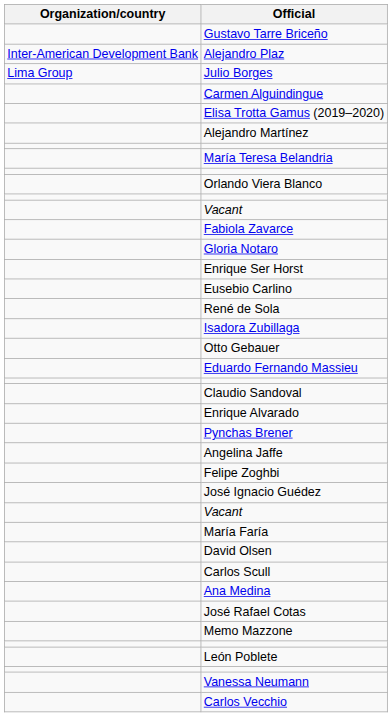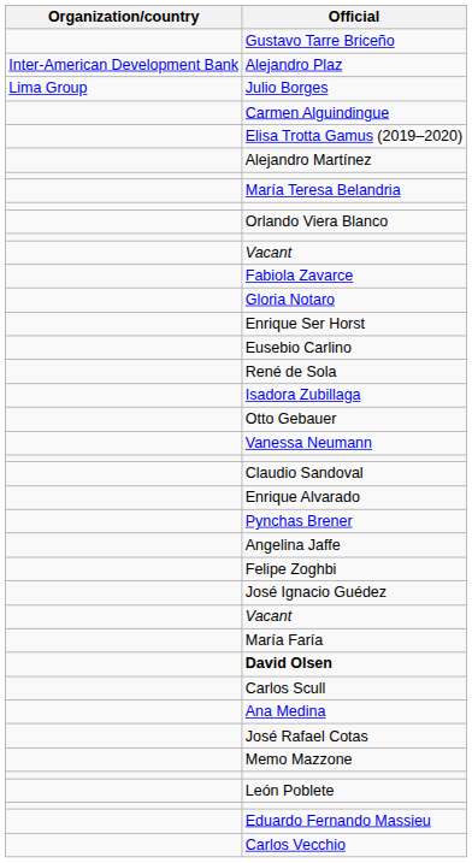 <table class="wikitable">
 <tr>
 <th>Organization/country</th>
 <th>Official</th>
 </tr>
 <tr>
 <td></td>
 <td><a href='#'>Gustavo Tarre Briceño</a></td>
 </tr>
 <tr>
 <td><a href='#'>Inter-American Development Bank</a></td>
 <td><a href='#'>Alejandro Plaz</a></td>
 </tr>
 <tr>
 <td><a href='#'>Lima Group</a></td>
 <td><a href='#'>Julio Borges</a></td>
 </tr>
 <tr>
 <td></td>
 <td><a href='#'>Carmen Alguindingue</a></td>
 </tr>
 <tr>
 <td></td>
 <td><a href='#'>Elisa Trotta Gamus</a> (2019–2020)</td>
 </tr>
 <tr>
 <td></td>
 <td>Alejandro Martínez</td>
 </tr>
 <tr>
 <td></td>
 <td></td>
 </tr>
 <tr>
 <td></td>
 <td><a href='#'>María Teresa Belandria</a></td>
 </tr>
 <tr>
 <td></td>
 <td></td>
 </tr>
 <tr>
 <td></td>
 <td>Orlando Viera Blanco</td>
 </tr>
 <tr>
 <td></td>
 <td></td>
 </tr>
 <tr>
 <td></td>
 <td><em>Vacant</em></td>
 </tr>
 <tr>
 <td></td>
 <td><a href='#'>Fabiola Zavarce</a></td>
 </tr>
 <tr>
 <td></td>
 <td><a href='#'>Gloria Notaro</a></td>
 </tr>
 <tr>
 <td></td>
 <td>Enrique Ser Horst</td>
 </tr>
 <tr>
 <td></td>
 <td>Eusebio Carlino</td>
 </tr>
 <tr>
 <td></td>
 <td>René de Sola</td>
 </tr>
 <tr>
 <td></td>
 <td><a href='#'>Isadora Zubillaga</a></td>
 </tr>
 <tr>
 <td></td>
 <td>Otto Gebauer</td>
 </tr>
 <tr>
 <td></td>
-<td><a href='#'>Eduardo Fernando Massieu</a></td>
+<td><a href='#'>Vanessa Neumann</a></td>
 </tr>
 <tr>
 <td></td>
 <td></td>
 </tr>
 <tr>
 <td></td>
 <td>Claudio Sandoval</td>
 </tr>
 <tr>
 <td></td>
 <td>Enrique Alvarado</td>
 </tr>
 <tr>
 <td></td>
 <td><a href='#'>Pynchas Brener</a></td>
 </tr>
 <tr>
 <td></td>
 <td>Angelina Jaffe</td>
 </tr>
 <tr>
 <td></td>
 <td>Felipe Zoghbi</td>
 </tr>
 <tr>
 <td></td>
 <td>José Ignacio Guédez</td>
 </tr>
 <tr>
 <td></td>
 <td><em>Vacant</em></td>
 </tr>
 <tr>
 <td></td>
 <td>María Faría</td>
 </tr>
 <tr>
 <td></td>
-<td>David Olsen</td>
+<td><strong>David Olsen</strong></td>
 </tr>
 <tr>
 <td></td>
 <td>Carlos Scull</td>
 </tr>
 <tr>
 <td></td>
 <td><a href='#'>Ana Medina</a></td>
 </tr>
 <tr>
 <td></td>
 <td>José Rafael Cotas</td>
 </tr>
 <tr>
 <td></td>
 <td>Memo Mazzone</td>
 </tr>
 <tr>
 <td></td>
 <td></td>
 </tr>
 <tr>
 <td></td>
 <td>León Poblete</td>
 </tr>
 <tr>
 <td></td>
 <td></td>
 </tr>
 <tr>
 <td></td>
-<td><a href='#'>Vanessa Neumann</a></td>
+<td><a href='#'>Eduardo Fernando Massieu</a></td>
 </tr>
 <tr>
 <td></td>
 <td><a href='#'>Carlos Vecchio</a></td>
 </tr>
 </table>
